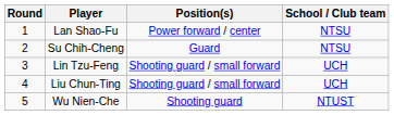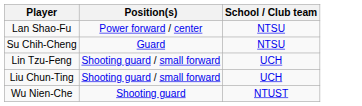 <table class="wikitable sortable sortable">
 <tr>
-<th>Round</th>
 <th>Player</th>
 <th>Position(s)</th>
 <th>School / Club team</th>
 </tr>
 <tr style="text-align: center">
-<td>1</td>
 <td>Lan Shao-Fu</td>
 <td><a href='#'>Power forward</a> / <a href='#'>center</a></td>
 <td><a href='#'>NTSU</a></td>
 </tr>
 <tr style="text-align: center">
-<td>2</td>
 <td>Su Chih-Cheng</td>
 <td><a href='#'>Guard</a></td>
 <td><a href='#'>NTSU</a></td>
 </tr>
 <tr style="text-align: center">
-<td>3</td>
 <td>Lin Tzu-Feng</td>
 <td><a href='#'>Shooting guard</a> / <a href='#'>small forward</a></td>
 <td><a href='#'>UCH</a></td>
 </tr>
 <tr style="text-align: center">
-<td>4</td>
 <td>Liu Chun-Ting</td>
 <td><a href='#'>Shooting guard</a> / <a href='#'>small forward</a></td>
 <td><a href='#'>UCH</a></td>
 </tr>
 <tr style="text-align: center">
-<td>5</td>
 <td>Wu Nien-Che</td>
 <td><a href='#'>Shooting guard</a></td>
 <td><a href='#'>NTUST</a></td>
 </tr>
 </table>
